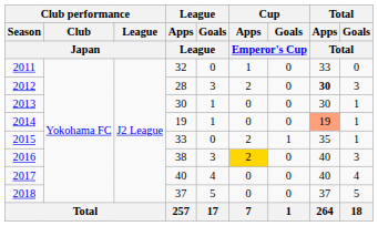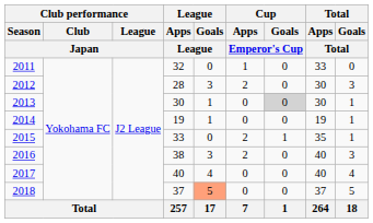 <table class="wikitable" style="text-align:center;">
 <tr>
 <th colspan=3>Club performance</th>
 <th colspan=2>League</th>
 <th colspan=2>Cup</th>
 <th colspan=2>Total</th>
 </tr>
 <tr>
 <th>Season</th>
 <th>Club</th>
 <th>League</th>
 <th>Apps</th>
 <th>Goals</th>
 <th>Apps</th>
 <th>Goals</th>
 <th>Apps</th>
 <th>Goals</th>
 </tr>
 <tr>
 <th colspan=3>Japan</th>
 <th colspan=2>League</th>
 <th colspan=2><a href='#'>Emperor's Cup</a></th>
 <th colspan=2>Total</th>
 </tr>
 <tr>
 <td><a href='#'>2011</a></td>
 <td rowspan="8"><a href='#'>Yokohama FC</a></td>
 <td rowspan="8"><a href='#'>J2 League</a></td>
 <td>32</td>
 <td>0</td>
 <td>1</td>
 <td>0</td>
 <td>33</td>
 <td>0</td>
 </tr>
 <tr>
 <td><a href='#'>2012</a></td>
 <td>28</td>
 <td>3</td>
 <td>2</td>
 <td>0</td>
-<td><strong>30</strong></td>
+<td>30</td>
 <td>3</td>
 </tr>
 <tr>
 <td><a href='#'>2013</a></td>
 <td>30</td>
 <td>1</td>
 <td>0</td>
-<td>0</td>
+<td style="background: lightgrey;">0</td>
 <td>30</td>
 <td>1</td>
 </tr>
 <tr>
 <td><a href='#'>2014</a></td>
 <td>19</td>
 <td>1</td>
 <td>0</td>
 <td>0</td>
-<td style="background: lightsalmon;">19</td>
+<td>19</td>
 <td>1</td>
 </tr>
 <tr>
 <td><a href='#'>2015</a></td>
 <td>33</td>
 <td>0</td>
 <td>2</td>
 <td>1</td>
 <td>35</td>
 <td>1</td>
 </tr>
 <tr>
 <td><a href='#'>2016</a></td>
 <td>38</td>
 <td>3</td>
-<td style="background: gold;">2</td>
+<td>2</td>
 <td>0</td>
 <td>40</td>
 <td>3</td>
 </tr>
 <tr>
 <td><a href='#'>2017</a></td>
 <td>40</td>
 <td>4</td>
 <td>0</td>
 <td>0</td>
 <td>40</td>
 <td>4</td>
 </tr>
 <tr>
 <td><a href='#'>2018</a></td>
 <td>37</td>
-<td>5</td>
+<td style="background: lightsalmon;">5</td>
 <td>0</td>
 <td>0</td>
 <td>37</td>
 <td>5</td>
 </tr>
 <tr>
 <th colspan=3>Total</th>
 <th>257</th>
 <th>17</th>
 <th>7</th>
 <th>1</th>
 <th>264</th>
 <th>18</th>
 </tr>
 </table>
